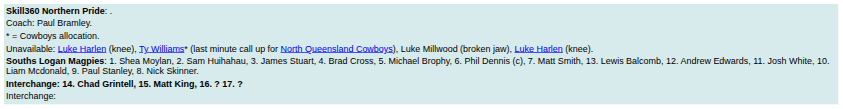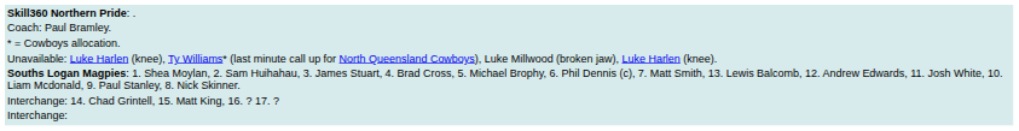 <table style="background:#d7ebed; font-size:85%; width:100%;">
 <tr>
 <td><strong>Skill360 Northern Pride</strong>:             .</td>
 </tr>
 <tr>
 <td>Coach: Paul Bramley.</td>
 </tr>
 <tr>
 <td>* = Cowboys allocation.</td>
 </tr>
 <tr>
 <td>Unavailable: <a href='#'>Luke Harlen</a> (knee), <a href='#'>Ty Williams</a>* (last minute call up for <a href='#'>North Queensland Cowboys</a>), Luke Millwood (broken jaw), <a href='#'>Luke Harlen</a> (knee).</td>
 </tr>
 <tr>
 <td><strong>Souths Logan Magpies</strong>: 1. Shea Moylan, 2. Sam Huihahau, 3. James Stuart, 4. Brad Cross, 5. Michael Brophy, 6. Phil Dennis (c), 7. Matt Smith, 13. Lewis Balcomb, 12. Andrew Edwards, 11. Josh White, 10. Liam Mcdonald, 9. Paul Stanley, 8. Nick Skinner.</td>
 </tr>
 <tr>
-<td><strong>Interchange: 14. Chad Grintell, 15. Matt King, 16. ? 17. ?</strong></td>
+<td>Interchange: 14. Chad Grintell, 15. Matt King, 16. ? 17. ?</td>
 </tr>
 <tr>
 <td>Interchange:    </td>
 </tr>
 <tr>
 </tr>
 </table>
